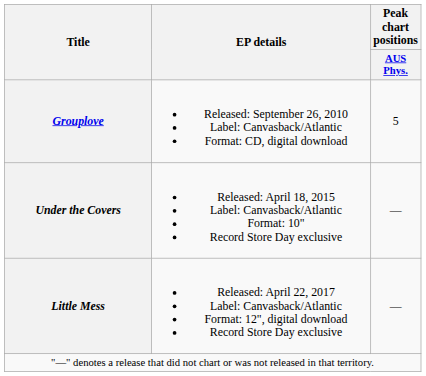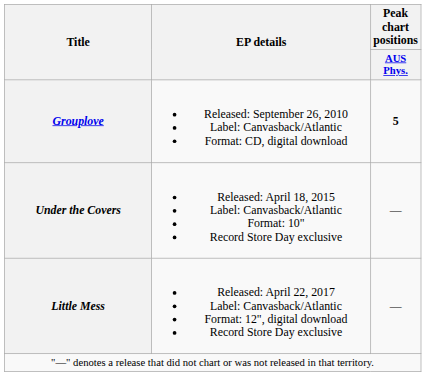 <table class="wikitable plainrowheaders" style="text-align:center;">
 <tr>
 <th scope="col" rowspan="2" style="width:12em;">Title</th>
 <th scope="col" rowspan="2" style="width:18em;">EP details</th>
 <th scope="col" colspan="1">Peak chart positions</th>
 </tr>
 <tr>
 <th scope="col" style="width:2.5em;font-size:90%;"><a href='#'>AUS<br>Phys.</a><br></th>
 </tr>
 <tr>
 <th scope="row"><em><a href='#'>Grouplove</a></em></th>
 <td><br><ul><li>Released: September 26, 2010</li><li>Label: Canvasback/Atlantic</li><li>Format: CD, digital download</li></ul></td>
-<td>5</td>
+<td><strong>5</strong></td>
 </tr>
 <tr>
 <th scope="row"><em>Under the Covers</em></th>
 <td><br><ul><li>Released: April 18, 2015</li><li>Label: Canvasback/Atlantic</li><li>Format: 10"</li><li>Record Store Day exclusive</li></ul></td>
 <td>—</td>
 </tr>
 <tr>
 <th scope="row"><em>Little Mess</em></th>
 <td><br><ul><li>Released: April 22, 2017</li><li>Label: Canvasback/Atlantic</li><li>Format: 12", digital download</li><li>Record Store Day exclusive</li></ul></td>
 <td>—</td>
 </tr>
 <tr>
 <td colspan="11" style="font-size:90%">"—" denotes a release that did not chart or was not released in that territory.</td>
 </tr>
 </table>
